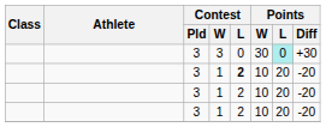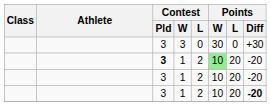 <table class=wikitable style="text-align:center">
 <tr>
 <th rowspan=2>Class</th>
 <th width=175 rowspan=2>Athlete</th>
 <th colspan=3>Contest</th>
 <th colspan=3>Points</th>
 </tr>
 <tr>
 <th width=20>Pld</th>
 <th width=20>W</th>
 <th width=20>L</th>
 <th width=20>W</th>
 <th width=20>L</th>
 <th width=20>Diff</th>
 </tr>
 <tr>
 <td></td>
 <td style="text-align:left"></td>
 <td>3</td>
 <td>3</td>
 <td>0</td>
 <td>30</td>
-<td style="background: paleturquoise;">0</td>
+<td>0</td>
 <td>+30</td>
 </tr>
 <tr>
 <td></td>
 <td style="text-align:left"></td>
-<td>3</td>
+<td><strong>3</strong></td>
 <td>1</td>
-<td><strong>2</strong></td>
-<td>10</td>
+<td>2</td>
+<td style="background: lightgreen;">10</td>
 <td>20</td>
 <td>-20</td>
 </tr>
 <tr>
 <td></td>
 <td style="text-align:left"></td>
 <td>3</td>
 <td>1</td>
 <td>2</td>
 <td>10</td>
 <td>20</td>
 <td>-20</td>
 </tr>
 <tr>
 <td></td>
 <td style="text-align:left"></td>
 <td>3</td>
 <td>1</td>
 <td>2</td>
 <td>10</td>
 <td>20</td>
-<td>-20</td>
+<td><strong>-20</strong></td>
 </tr>
 <tr>
 </tr>
 </table>
